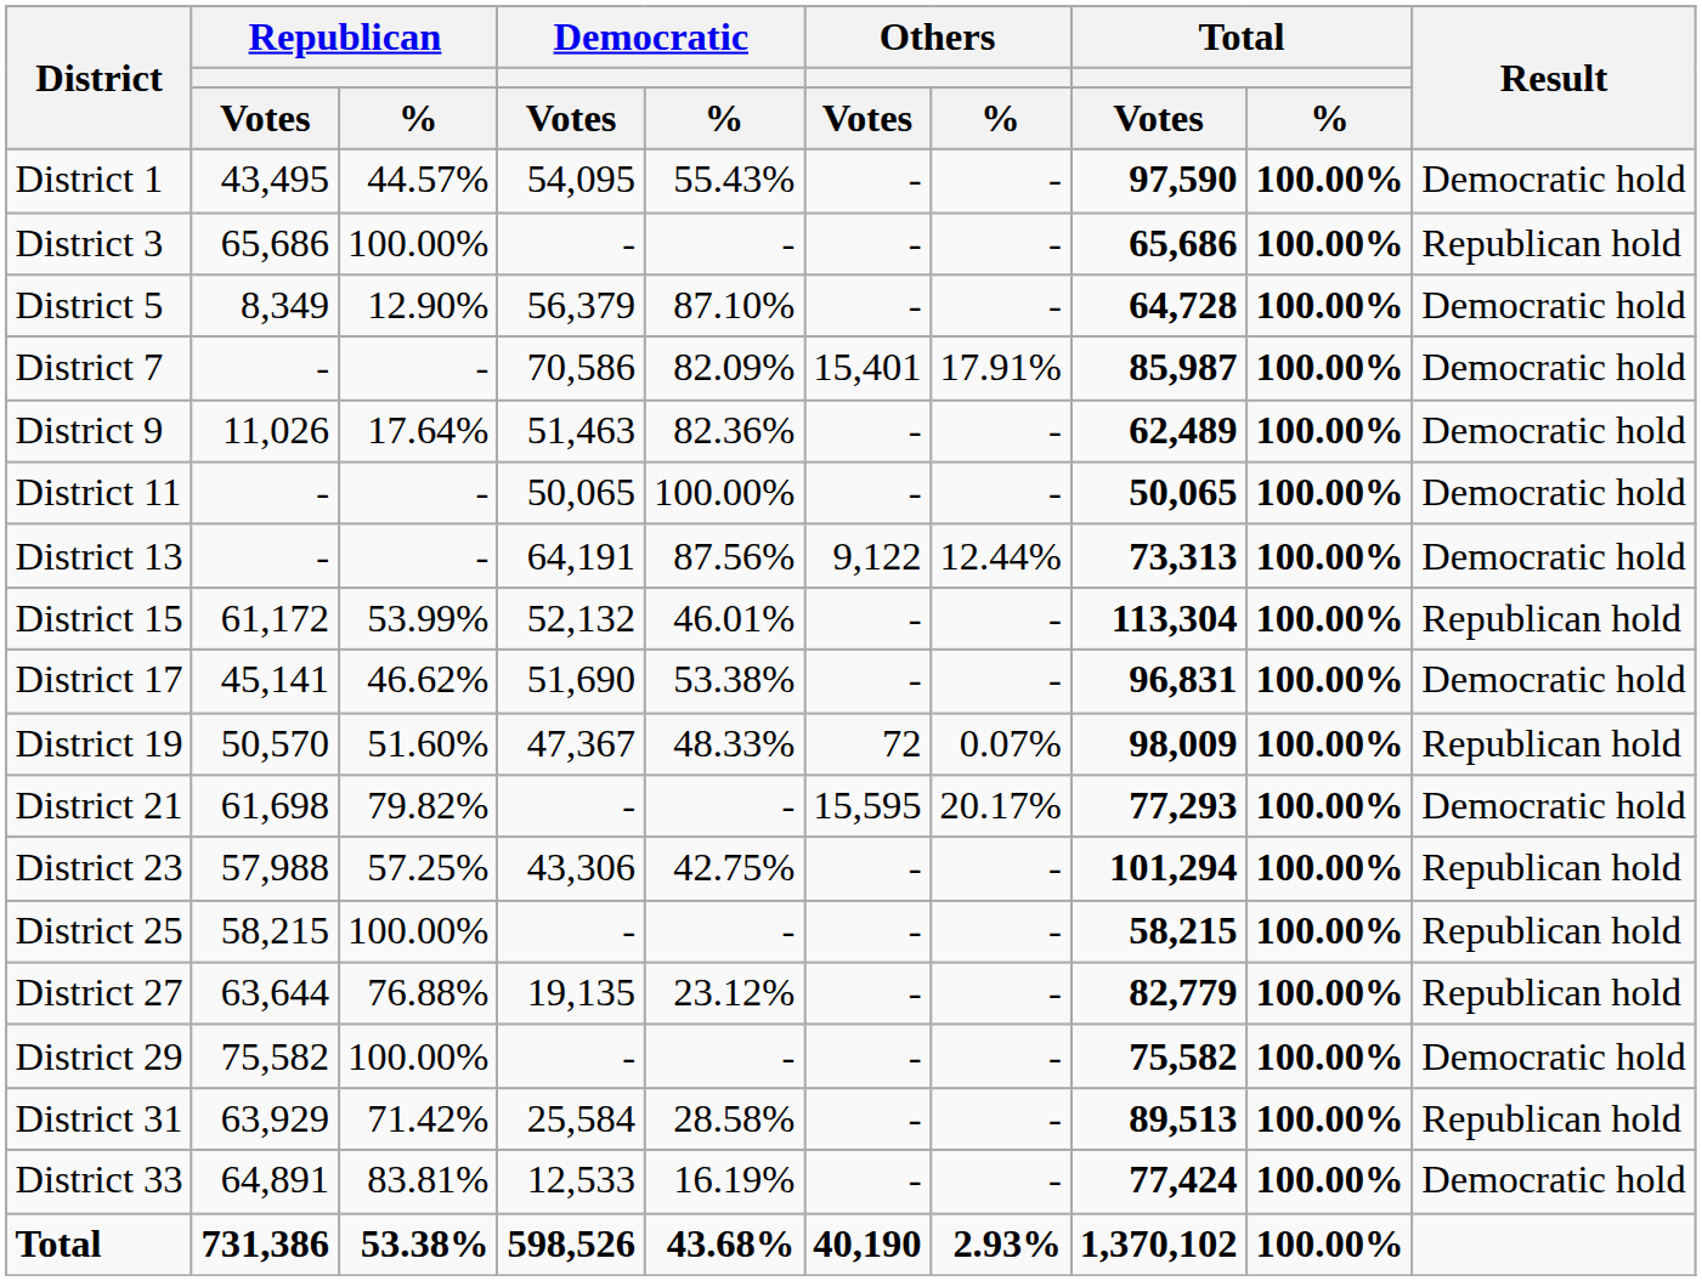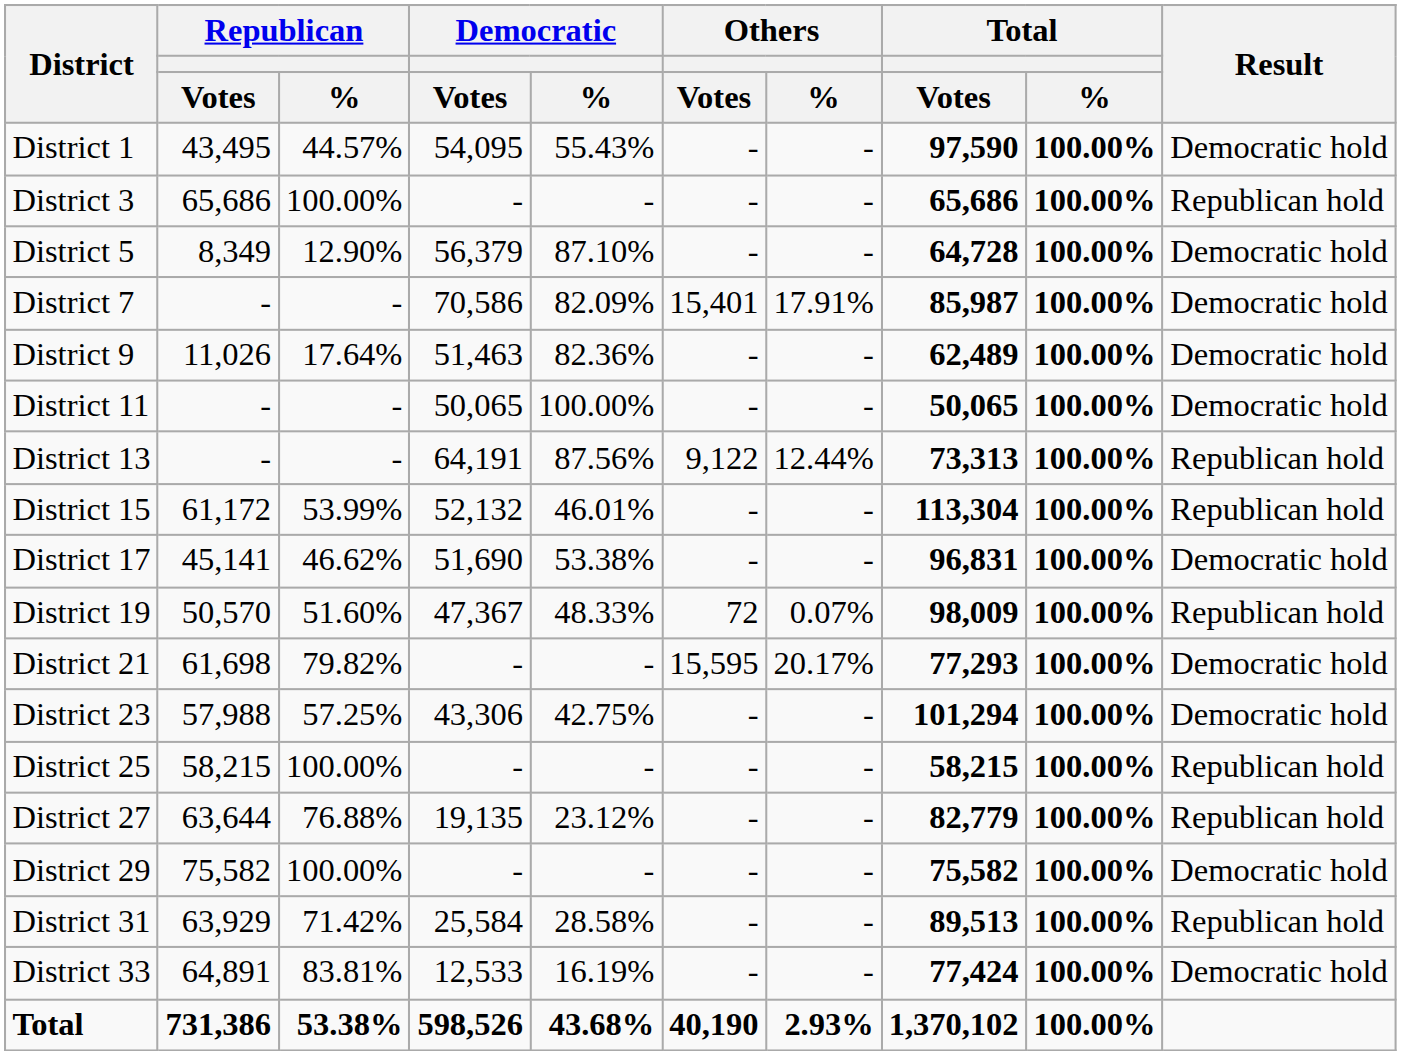 <table class="wikitable plainrowheaders sortable" style="font-size:100%; text-align:right;">
 <tr>
 <th scope=col rowspan=3>District</th>
 <th scope=col colspan=2><a href='#'>Republican</a></th>
 <th scope=col colspan=2><a href='#'>Democratic</a></th>
 <th scope=col colspan=2>Others</th>
 <th scope=col colspan=2>Total</th>
 <th scope=col rowspan=3>Result</th>
 </tr>
 <tr>
 <th scope=col colspan=2 style="background:"></th>
 <th scope=col colspan=2 style="background:"></th>
 <th scope=col colspan=2></th>
 <th scope=col colspan=2></th>
 </tr>
 <tr>
 <th scope=col data-sort-type="number">Votes</th>
 <th scope=col data-sort-type="number">%</th>
 <th scope=col data-sort-type="number">Votes</th>
 <th scope=col data-sort-type="number">%</th>
 <th scope=col data-sort-type="number">Votes</th>
 <th scope=col data-sort-type="number">%</th>
 <th scope=col data-sort-type="number">Votes</th>
 <th scope=col data-sort-type="number">%</th>
 </tr>
 <tr>
 <td align=left>District 1</td>
 <td>43,495</td>
 <td>44.57%</td>
 <td>54,095</td>
 <td>55.43%</td>
 <td>-</td>
 <td>-</td>
 <td><strong>97,590</strong></td>
 <td><strong>100.00%</strong></td>
 <td align=left>Democratic hold</td>
 </tr>
 <tr>
 <td align=left>District 3</td>
 <td>65,686</td>
 <td>100.00%</td>
 <td>-</td>
 <td>-</td>
 <td>-</td>
 <td>-</td>
 <td><strong>65,686</strong></td>
 <td><strong>100.00%</strong></td>
 <td align=left>Republican hold</td>
 </tr>
 <tr>
 <td align=left>District 5</td>
 <td>8,349</td>
 <td>12.90%</td>
 <td>56,379</td>
 <td>87.10%</td>
 <td>-</td>
 <td>-</td>
 <td><strong>64,728</strong></td>
 <td><strong>100.00%</strong></td>
 <td align=left>Democratic hold</td>
 </tr>
 <tr>
 <td align=left>District 7</td>
 <td>-</td>
 <td>-</td>
 <td>70,586</td>
 <td>82.09%</td>
 <td>15,401</td>
 <td>17.91%</td>
 <td><strong>85,987</strong></td>
 <td><strong>100.00%</strong></td>
 <td align=left>Democratic hold</td>
 </tr>
 <tr>
 <td align=left>District 9</td>
 <td>11,026</td>
 <td>17.64%</td>
 <td>51,463</td>
 <td>82.36%</td>
 <td>-</td>
 <td>-</td>
 <td><strong>62,489</strong></td>
 <td><strong>100.00%</strong></td>
 <td align=left>Democratic hold</td>
 </tr>
 <tr>
 <td align=left>District 11</td>
 <td>-</td>
 <td>-</td>
 <td>50,065</td>
 <td>100.00%</td>
 <td>-</td>
 <td>-</td>
 <td><strong>50,065</strong></td>
 <td><strong>100.00%</strong></td>
 <td align=left>Democratic hold</td>
 </tr>
 <tr>
 <td align=left>District 13</td>
 <td>-</td>
 <td>-</td>
 <td>64,191</td>
 <td>87.56%</td>
 <td>9,122</td>
 <td>12.44%</td>
 <td><strong>73,313</strong></td>
 <td><strong>100.00%</strong></td>
-<td align=left>Democratic hold</td>
+<td align=left>Republican hold</td>
 </tr>
 <tr>
 <td align=left>District 15</td>
 <td>61,172</td>
 <td>53.99%</td>
 <td>52,132</td>
 <td>46.01%</td>
 <td>-</td>
 <td>-</td>
 <td><strong>113,304</strong></td>
 <td><strong>100.00%</strong></td>
 <td align=left>Republican hold</td>
 </tr>
 <tr>
 <td align=left>District 17</td>
 <td>45,141</td>
 <td>46.62%</td>
 <td>51,690</td>
 <td>53.38%</td>
 <td>-</td>
 <td>-</td>
 <td><strong>96,831</strong></td>
 <td><strong>100.00%</strong></td>
 <td align=left>Democratic hold</td>
 </tr>
 <tr>
 <td align=left>District 19</td>
 <td>50,570</td>
 <td>51.60%</td>
 <td>47,367</td>
 <td>48.33%</td>
 <td>72</td>
 <td>0.07%</td>
 <td><strong>98,009</strong></td>
 <td><strong>100.00%</strong></td>
 <td align=left>Republican hold</td>
 </tr>
 <tr>
 <td align=left>District 21</td>
 <td>61,698</td>
 <td>79.82%</td>
 <td>-</td>
 <td>-</td>
 <td>15,595</td>
 <td>20.17%</td>
 <td><strong>77,293</strong></td>
 <td><strong>100.00%</strong></td>
 <td align=left>Democratic hold</td>
 </tr>
 <tr>
 <td align=left>District 23</td>
 <td>57,988</td>
 <td>57.25%</td>
 <td>43,306</td>
 <td>42.75%</td>
 <td>-</td>
 <td>-</td>
 <td><strong>101,294</strong></td>
 <td><strong>100.00%</strong></td>
-<td align=left>Republican hold</td>
+<td align=left>Democratic hold</td>
 </tr>
 <tr>
 <td align=left>District 25</td>
 <td>58,215</td>
 <td>100.00%</td>
 <td>-</td>
 <td>-</td>
 <td>-</td>
 <td>-</td>
 <td><strong>58,215</strong></td>
 <td><strong>100.00%</strong></td>
 <td align=left>Republican hold</td>
 </tr>
 <tr>
 <td align=left>District 27</td>
 <td>63,644</td>
 <td>76.88%</td>
 <td>19,135</td>
 <td>23.12%</td>
 <td>-</td>
 <td>-</td>
 <td><strong>82,779</strong></td>
 <td><strong>100.00%</strong></td>
 <td align=left>Republican hold</td>
 </tr>
 <tr>
 <td align=left>District 29</td>
 <td>75,582</td>
 <td>100.00%</td>
 <td>-</td>
 <td>-</td>
 <td>-</td>
 <td>-</td>
 <td><strong>75,582</strong></td>
 <td><strong>100.00%</strong></td>
 <td align=left>Democratic hold</td>
 </tr>
 <tr>
 <td align=left>District 31</td>
 <td>63,929</td>
 <td>71.42%</td>
 <td>25,584</td>
 <td>28.58%</td>
 <td>-</td>
 <td>-</td>
 <td><strong>89,513</strong></td>
 <td><strong>100.00%</strong></td>
 <td align=left>Republican hold</td>
 </tr>
 <tr>
 <td align=left>District 33</td>
 <td>64,891</td>
 <td>83.81%</td>
 <td>12,533</td>
 <td>16.19%</td>
 <td>-</td>
 <td>-</td>
 <td><strong>77,424</strong></td>
 <td><strong>100.00%</strong></td>
 <td align=left>Democratic hold</td>
 </tr>
 <tr class="sortbottom" style="font-weight:bold">
 <td align=left>Total</td>
 <td>731,386</td>
 <td>53.38%</td>
 <td>598,526</td>
 <td>43.68%</td>
 <td>40,190</td>
 <td>2.93%</td>
 <td>1,370,102</td>
 <td>100.00%</td>
 <td></td>
 </tr>
 </table>
